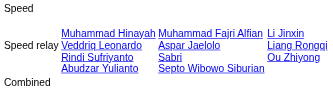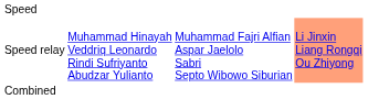 <table>
 <tr>
 <td>Speed<br></td>
 <td></td>
 <td></td>
 <td></td>
 </tr>
 <tr>
 <td>Speed relay<br></td>
 <td><br><a href='#'>Muhammad Hinayah</a><br><a href='#'>Veddriq Leonardo</a><br><a href='#'>Rindi Sufriyanto</a><br><a href='#'>Abudzar Yulianto</a></td>
 <td><br><a href='#'>Muhammad Fajri Alfian</a><br><a href='#'>Aspar Jaelolo</a><br><a href='#'>Sabri</a><br><a href='#'>Septo Wibowo Siburian</a></td>
-<td valign=top><br><a href='#'>Li Jinxin</a><br><a href='#'>Liang Rongqi</a><br><a href='#'>Ou Zhiyong</a></td>
+<td valign=top style="background: lightsalmon;"><br><a href='#'>Li Jinxin</a><br><a href='#'>Liang Rongqi</a><br><a href='#'>Ou Zhiyong</a></td>
 </tr>
 <tr>
 <td>Combined<br></td>
 <td></td>
 <td></td>
 <td></td>
 </tr>
 </table>
